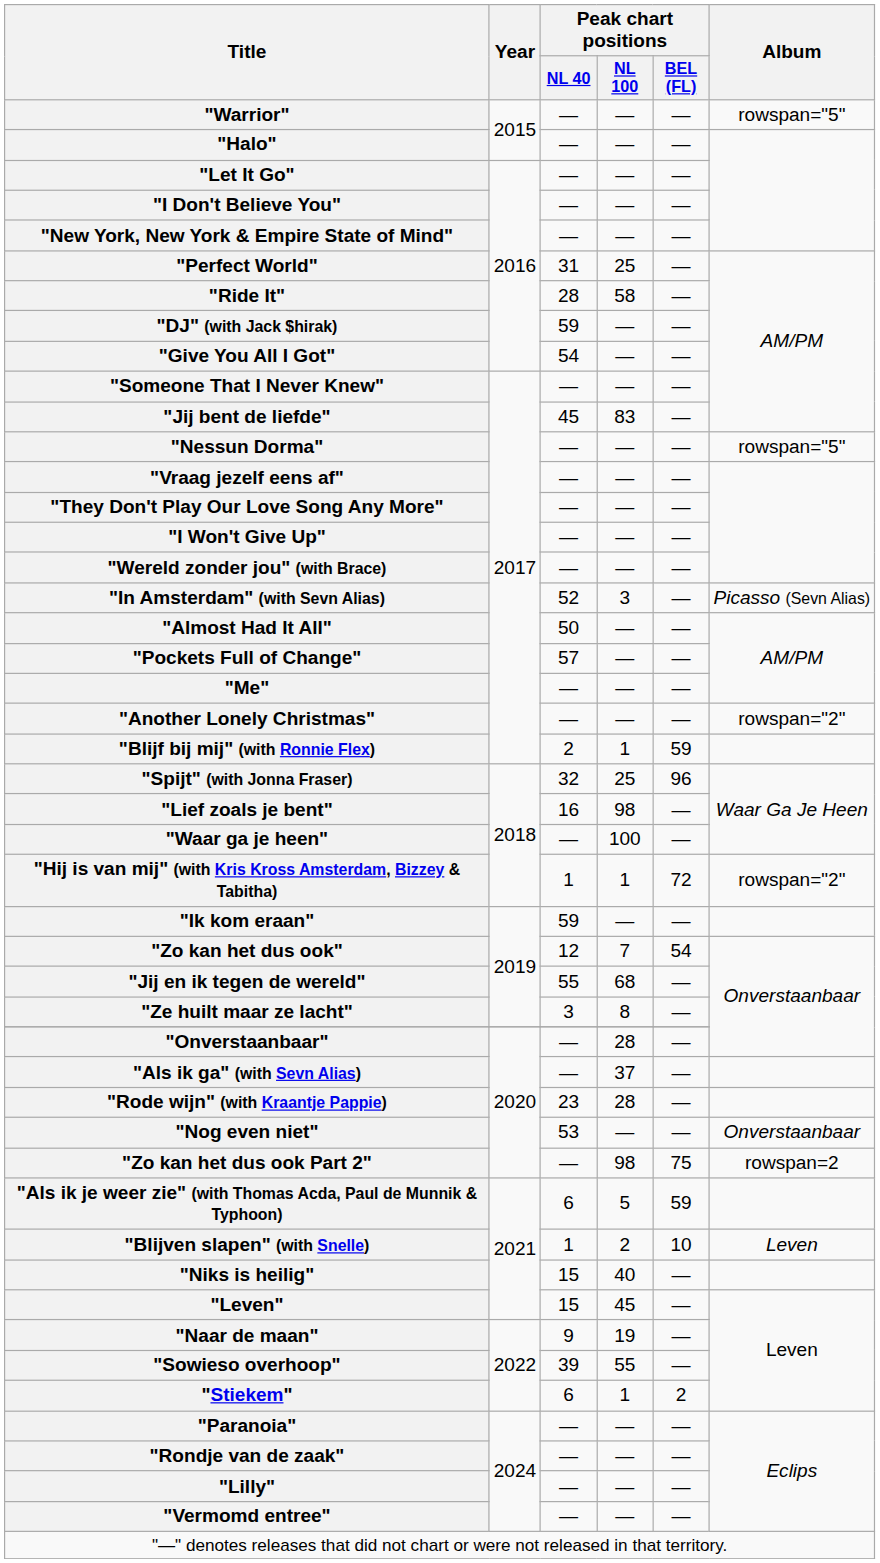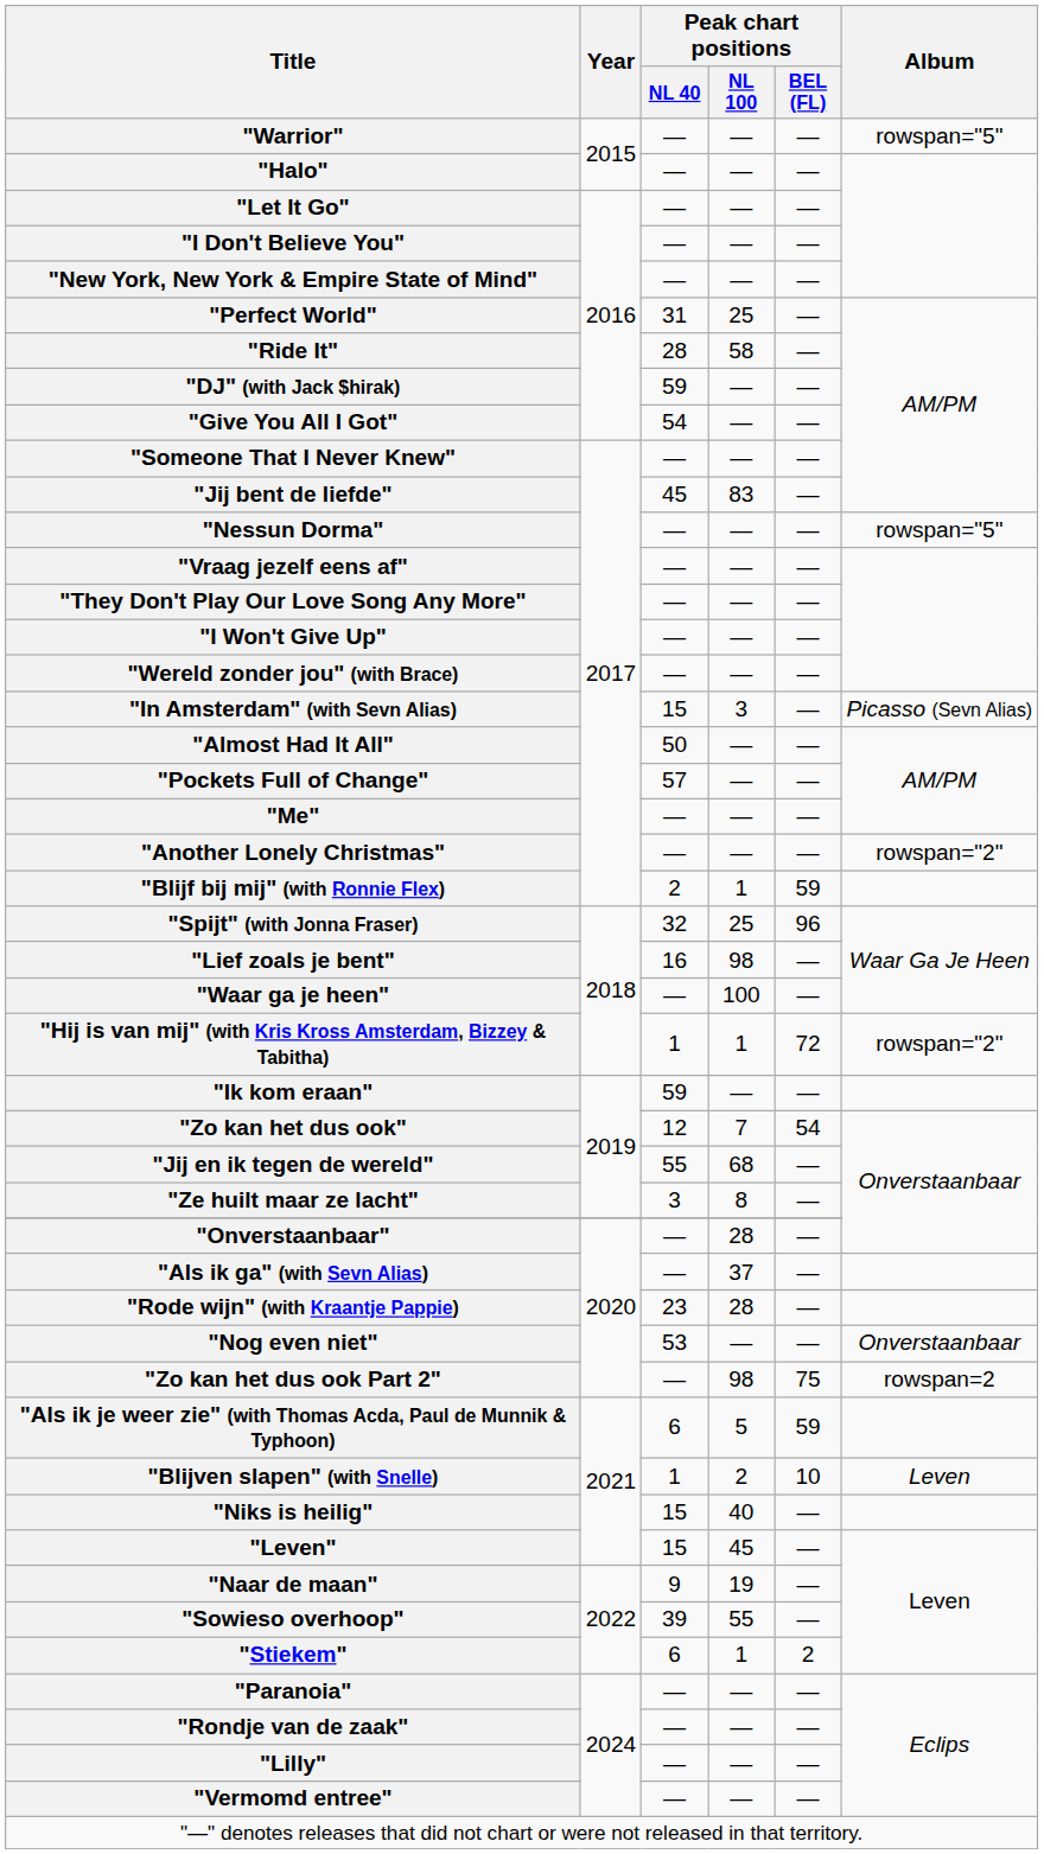 <table class="wikitable plainrowheaders" style="text-align:center;">
 <tr>
 <th scope="col" rowspan="2" style="width:25em;">Title</th>
 <th scope="col" rowspan="2" style="width:1em;">Year</th>
 <th scope="col" colspan="3">Peak chart positions</th>
 <th scope="col" rowspan="2">Album</th>
 </tr>
 <tr>
 <th scope="col" style="width:3em;font-size:85%;"><a href='#'>NL 40</a><br></th>
 <th scope="col" style="width:3em;font-size:85%;"><a href='#'>NL 100</a><br></th>
 <th scope="col" style="width:3em;font-size:85%;"><a href='#'>BEL (FL)</a><br></th>
 </tr>
 <tr>
 <th scope="row">"Warrior"</th>
 <td rowspan="2">2015</td>
 <td>—</td>
 <td>—</td>
 <td>—</td>
 <td>rowspan="5" </td>
 </tr>
 <tr>
 <th scope="row">"Halo"</th>
 <td>—</td>
 <td>—</td>
 <td>—</td>
 </tr>
 <tr>
 <th scope="row">"Let It Go"</th>
 <td rowspan="7">2016</td>
 <td>—</td>
 <td>—</td>
 <td>—</td>
 </tr>
 <tr>
 <th scope="row">"I Don't Believe You"</th>
 <td>—</td>
 <td>—</td>
 <td>—</td>
 </tr>
 <tr>
 <th scope="row">"New York, New York & Empire State of Mind"</th>
 <td>—</td>
 <td>—</td>
 <td>—</td>
 </tr>
 <tr>
 <th scope="row">"Perfect World"</th>
 <td>31</td>
 <td>25</td>
 <td>—</td>
 <td rowspan="6"><em>AM/PM</em></td>
 </tr>
 <tr>
 <th scope="row">"Ride It"</th>
 <td>28</td>
 <td>58</td>
 <td>—</td>
 </tr>
 <tr>
 <th scope="row">"DJ" <small>(with Jack $hirak)</small></th>
 <td>59</td>
 <td>—</td>
 <td>—</td>
 </tr>
 <tr>
 <th scope="row">"Give You All I Got"</th>
 <td>54</td>
 <td>—</td>
 <td>—</td>
 </tr>
 <tr>
 <th scope="row">"Someone That I Never Knew"</th>
 <td rowspan="13">2017</td>
 <td>—</td>
 <td>—</td>
 <td>—</td>
 </tr>
 <tr>
 <th scope="row">"Jij bent de liefde"</th>
 <td>45</td>
 <td>83</td>
 <td>—</td>
 </tr>
 <tr>
 <th scope="row">"Nessun Dorma"</th>
 <td>—</td>
 <td>—</td>
 <td>—</td>
 <td>rowspan="5" </td>
 </tr>
 <tr>
 <th scope="row">"Vraag jezelf eens af"</th>
 <td>—</td>
 <td>—</td>
 <td>—</td>
 </tr>
 <tr>
 <th scope="row">"They Don't Play Our Love Song Any More"</th>
 <td>—</td>
 <td>—</td>
 <td>—</td>
 </tr>
 <tr>
 <th scope="row">"I Won't Give Up"</th>
 <td>—</td>
 <td>—</td>
 <td>—</td>
 </tr>
 <tr>
 <th scope="row">"Wereld zonder jou" <small>(with Brace)</small></th>
 <td>—</td>
 <td>—</td>
 <td>—</td>
 </tr>
 <tr>
 <th scope="row">"In Amsterdam" <small>(with Sevn Alias)</small></th>
-<td>52</td>
+<td>15</td>
 <td>3</td>
 <td>—</td>
 <td><em>Picasso</em> <small>(Sevn Alias)</small></td>
 </tr>
 <tr>
 <th scope="row">"Almost Had It All"</th>
 <td>50</td>
 <td>—</td>
 <td>—</td>
 <td rowspan="3"><em>AM/PM</em></td>
 </tr>
 <tr>
 <th scope="row">"Pockets Full of Change"</th>
 <td>57</td>
 <td>—</td>
 <td>—</td>
 </tr>
 <tr>
 <th scope="row">"Me"</th>
 <td>—</td>
 <td>—</td>
 <td>—</td>
 </tr>
 <tr>
 <th scope="row">"Another Lonely Christmas"</th>
 <td>—</td>
 <td>—</td>
 <td>—</td>
 <td>rowspan="2" </td>
 </tr>
 <tr>
 <th scope="row">"Blijf bij mij" <small>(with <a href='#'>Ronnie Flex</a>)</small></th>
 <td>2</td>
 <td>1</td>
 <td>59</td>
 </tr>
 <tr>
 <th scope="row">"Spijt" <small>(with Jonna Fraser)</small></th>
 <td rowspan="4">2018</td>
 <td>32</td>
 <td>25</td>
 <td>96</td>
 <td rowspan="3"><em>Waar Ga Je Heen</em></td>
 </tr>
 <tr>
 <th scope="row">"Lief zoals je bent"</th>
 <td>16</td>
 <td>98</td>
 <td>—</td>
 </tr>
 <tr>
 <th scope="row">"Waar ga je heen"</th>
 <td>—</td>
 <td>100</td>
 <td>—</td>
 </tr>
 <tr>
 <th scope="row">"Hij is van mij" <small>(with <a href='#'>Kris Kross Amsterdam</a>, <a href='#'>Bizzey</a> & Tabitha)</small></th>
 <td>1</td>
 <td>1</td>
 <td>72</td>
 <td>rowspan="2" </td>
 </tr>
 <tr>
 <th scope="row">"Ik kom eraan"</th>
 <td rowspan="4">2019</td>
 <td>59</td>
 <td>—</td>
 <td>—</td>
 </tr>
 <tr>
 <th scope="row">"Zo kan het dus ook"</th>
 <td>12</td>
 <td>7</td>
 <td>54</td>
 <td rowspan="5"><em>Onverstaanbaar</em></td>
 </tr>
 <tr>
 <th scope="row">"Jij en ik tegen de wereld"</th>
 <td>55</td>
 <td>68</td>
 <td>—</td>
 </tr>
 <tr>
 <th scope="row">"Ze huilt maar ze lacht"</th>
 <td>3</td>
 <td>8</td>
 <td>—</td>
 </tr>
 <tr>
 </tr>
 <tr>
 <th scope="row">"Onverstaanbaar"</th>
 <td rowspan="5">2020</td>
 <td>—</td>
 <td>28</td>
 <td>—</td>
 </tr>
 <tr>
 <th scope="row">"Als ik ga" <small>(with <a href='#'>Sevn Alias</a>)</small></th>
 <td>—</td>
 <td>37</td>
 <td>—</td>
 </tr>
 <tr>
 <th scope="row">"Rode wijn" <small>(with <a href='#'>Kraantje Pappie</a>)</small></th>
 <td>23</td>
 <td>28</td>
 <td>—</td>
 <td></td>
 </tr>
 <tr>
 <th scope="row">"Nog even niet"</th>
 <td>53</td>
 <td>—</td>
 <td>—</td>
 <td><em>Onverstaanbaar</em></td>
 </tr>
 <tr>
 <th scope="row">"Zo kan het dus ook Part 2"</th>
 <td>—</td>
 <td>98</td>
 <td>75</td>
 <td>rowspan=2 </td>
 </tr>
 <tr>
 <th scope="row">"Als ik je weer zie" <small>(with Thomas Acda, Paul de Munnik & Typhoon)</small></th>
 <td rowspan="4">2021</td>
 <td>6</td>
 <td>5</td>
 <td>59</td>
 </tr>
 <tr>
 <th scope="row">"Blijven slapen" <small>(with <a href='#'>Snelle</a>)</small></th>
 <td>1</td>
 <td>2</td>
 <td>10</td>
 <td><em>Leven</em></td>
 </tr>
 <tr>
 <th scope="row">"Niks is heilig"</th>
 <td>15</td>
 <td>40</td>
 <td>—</td>
 <td></td>
 </tr>
 <tr>
 <th scope="row">"Leven"</th>
 <td>15</td>
 <td>45</td>
 <td>—</td>
 <td rowspan="4">Leven</td>
 </tr>
 <tr>
 <th scope="row">"Naar de maan"<br></th>
 <td rowspan="3">2022</td>
 <td>9</td>
 <td>19</td>
 <td>—</td>
 </tr>
 <tr>
 <th scope="row">"Sowieso overhoop"</th>
 <td>39</td>
 <td>55</td>
 <td>—</td>
 </tr>
 <tr>
 <th scope="row">"<a href='#'>Stiekem</a>" </th>
 <td>6</td>
 <td>1</td>
 <td>2</td>
 </tr>
 <tr>
 <th scope="row">"Paranoia"</th>
 <td rowspan="4">2024</td>
 <td>—</td>
 <td>—</td>
 <td>—</td>
 <td rowspan="4"><em>Eclips</em></td>
 </tr>
 <tr>
 <th scope="row">"Rondje van de zaak"</th>
 <td>—</td>
 <td>—</td>
 <td>—</td>
 </tr>
 <tr>
 <th scope="row">"Lilly"</th>
 <td>—</td>
 <td>—</td>
 <td>—</td>
 </tr>
 <tr>
 <th scope="row">"Vermomd entree"</th>
 <td>—</td>
 <td>—</td>
 <td>—</td>
 </tr>
 <tr>
 <td colspan="6" style="font-size:90%">"—" denotes releases that did not chart or were not released in that territory.</td>
 </tr>
 </table>
